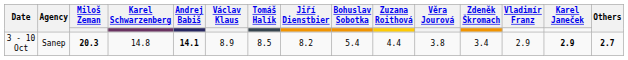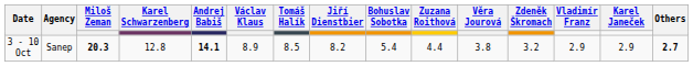 <table class="wikitable collapsible collapsed" style=text-align:center;font-size:85%;line-height:14px;">
 <tr>
 <th rowspan="2">Date</th>
 <th rowspan="2">Agency</th>
 <th><a href='#'>Miloš Zeman</a></th>
 <th><a href='#'>Karel Schwarzenberg</a></th>
 <th><a href='#'>Andrej Babiš</a></th>
 <th><a href='#'>Václav Klaus</a></th>
 <th><a href='#'>Tomáš Halík</a></th>
 <th><a href='#'>Jiří Dienstbier</a></th>
 <th><a href='#'>Bohuslav Sobotka</a></th>
 <th><a href='#'>Zuzana Roithová</a></th>
 <th><a href='#'>Věra Jourová</a></th>
 <th><a href='#'>Zdeněk Škromach</a></th>
 <th><a href='#'>Vladimír Franz</a></th>
 <th><a href='#'>Karel Janeček</a></th>
 <th rowspan="2">Others</th>
 </tr>
 <tr>
 <th style="background:"></th>
 <th style="background:#6b3362; width:40px;"></th>
 <th style="background:#272660; width:40px;"></th>
 <th style="background:"></th>
 <th style="background:#36454F; width:40px;"></th>
 <th style="background:#F29400; width:40px;"></th>
 <th style="background:#F29400; width:40px;"></th>
 <th style="background:#FFCB03; width:40px;"></th>
 <th style="background:"></th>
 <th style="background:#F29400; width:40px;"></th>
 <th style="background:#0000; width:40px;"></th>
 </tr>
 <tr>
 <td>3 - 10 Oct</td>
 <td>Sanep</td>
 <td><strong>20.3</strong></td>
-<td>14.8</td>
+<td>12.8</td>
 <td><strong>14.1</strong></td>
 <td>8.9</td>
 <td>8.5</td>
 <td>8.2</td>
 <td>5.4</td>
 <td>4.4</td>
 <td>3.8</td>
-<td>3.4</td>
+<td>3.2</td>
 <td>2.9</td>
-<td><strong>2.9</strong></td>
+<td>2.9</td>
 <td><strong>2.7</strong></td>
 </tr>
 </table>
